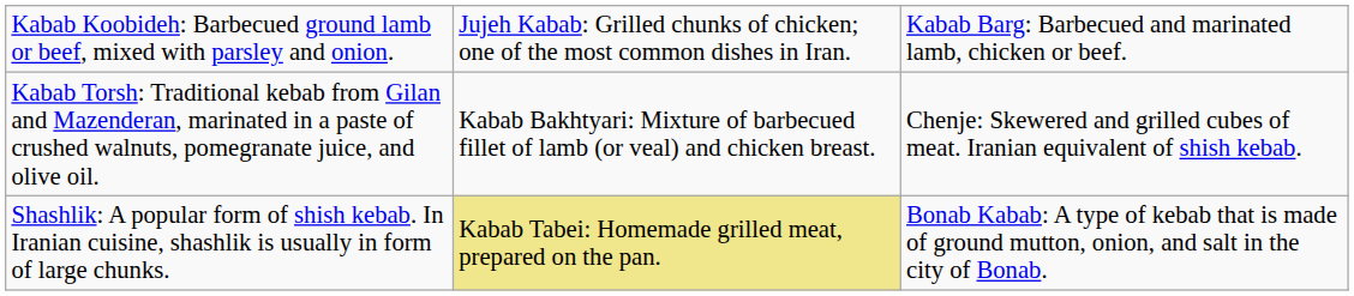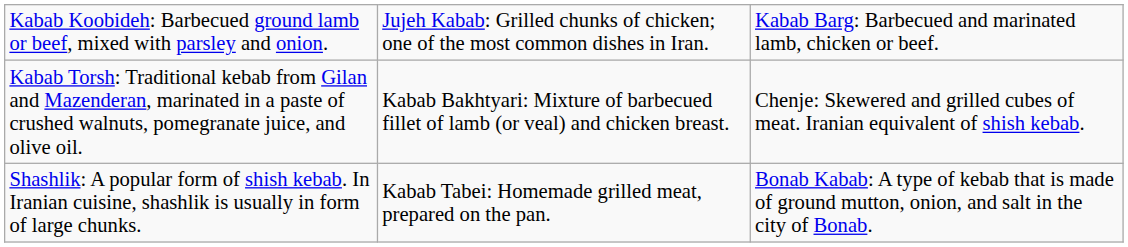 <table class="wikitable">
 <tr>
 <td style="width: 20%;"><a href='#'>Kabab Koobideh</a>: Barbecued <a href='#'>ground lamb or beef</a>, mixed with <a href='#'>parsley</a> and <a href='#'>onion</a>.</td>
 <td style="width: 20%;"><a href='#'>Jujeh Kabab</a>: Grilled chunks of chicken; one of the most common dishes in Iran.</td>
 <td style="width: 20%;"><a href='#'>Kabab Barg</a>: Barbecued and marinated lamb, chicken or beef.</td>
 </tr>
 <tr>
 <td><a href='#'>Kabab Torsh</a>: Traditional kebab from <a href='#'>Gilan</a> and <a href='#'>Mazenderan</a>, marinated in a paste of crushed walnuts, pomegranate juice, and olive oil.</td>
 <td>Kabab Bakhtyari: Mixture of barbecued fillet of lamb (or veal) and chicken breast.</td>
 <td>Chenje: Skewered and grilled cubes of meat. Iranian equivalent of <a href='#'>shish kebab</a>.</td>
 </tr>
 <tr>
 <td><a href='#'>Shashlik</a>: A popular form of <a href='#'>shish kebab</a>. In Iranian cuisine, shashlik is usually in form of large chunks.</td>
-<td style="background: khaki;">Kabab Tabei: Homemade grilled meat, prepared on the pan.</td>
+<td>Kabab Tabei: Homemade grilled meat, prepared on the pan.</td>
 <td><a href='#'>Bonab Kabab</a>: A type of kebab that is made of ground mutton, onion, and salt in the city of <a href='#'>Bonab</a>.</td>
 </tr>
 </table>
